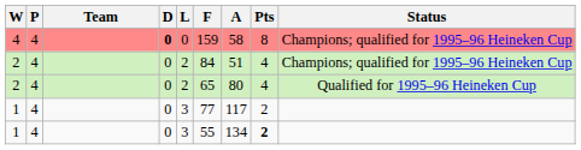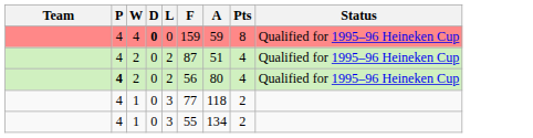 <table class="wikitable" style="text-align:center;">
 <tr>
+<th width="120px">Team</th>
+<th>P</th>
 <th>W</th>
-<th>P</th>
-<th width="120px">Team</th>
 <th>D</th>
 <th>L</th>
 <th width="23px">F</th>
 <th width="23px">A</th>
 <th width="23px">Pts</th>
 <th>Status</th>
 </tr>
 <tr bgcolor="#FF8888">
+<td></td>
 <td>4</td>
 <td>4</td>
-<td></td>
 <td><strong>0</strong></td>
 <td>0</td>
 <td>159</td>
-<td>58</td>
+<td>59</td>
 <td>8</td>
-<td>Champions; qualified for <a href='#'>1995–96 Heineken Cup</a></td>
+<td>Qualified for <a href='#'>1995–96 Heineken Cup</a></td>
 </tr>
 <tr bgcolor="#D0F0C0">
+<td></td>
+<td>4</td>
 <td>2</td>
-<td>4</td>
-<td></td>
 <td>0</td>
 <td>2</td>
-<td>84</td>
+<td>87</td>
 <td>51</td>
 <td>4</td>
-<td>Champions; qualified for <a href='#'>1995–96 Heineken Cup</a></td>
+<td>Qualified for <a href='#'>1995–96 Heineken Cup</a></td>
 </tr>
 <tr bgcolor="#D0F0C0">
+<td></td>
+<td><strong>4</strong></td>
 <td>2</td>
-<td>4</td>
-<td></td>
 <td>0</td>
 <td>2</td>
-<td>65</td>
+<td>56</td>
 <td>80</td>
 <td>4</td>
 <td>Qualified for <a href='#'>1995–96 Heineken Cup</a></td>
 </tr>
 <tr>
+<td></td>
+<td>4</td>
 <td>1</td>
-<td>4</td>
-<td></td>
 <td>0</td>
 <td>3</td>
 <td>77</td>
-<td>117</td>
+<td>118</td>
 <td>2</td>
 <td></td>
 </tr>
 <tr>
+<td></td>
+<td>4</td>
 <td>1</td>
-<td>4</td>
-<td></td>
 <td>0</td>
 <td>3</td>
 <td>55</td>
 <td>134</td>
-<td><strong>2</strong></td>
+<td>2</td>
 <td></td>
 </tr>
 </table>
